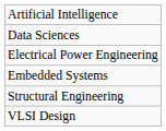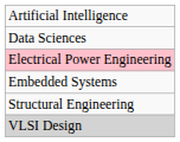 <table class="wikitable">
 <tr>
 <td>Artificial Intelligence</td>
 </tr>
 <tr>
 <td>Data Sciences</td>
 </tr>
 <tr>
-<td>Electrical Power Engineering</td>
+<td style="background: pink;">Electrical Power Engineering</td>
 </tr>
 <tr>
 <td>Embedded Systems</td>
 </tr>
 <tr>
 <td>Structural Engineering</td>
 </tr>
 <tr>
-<td>VLSI Design</td>
+<td style="background: lightgrey;">VLSI Design</td>
 </tr>
 </table>
